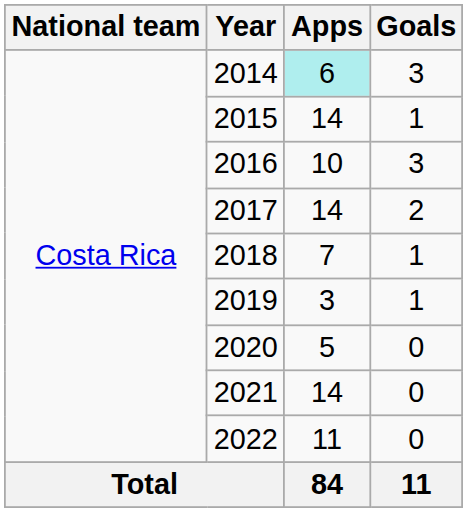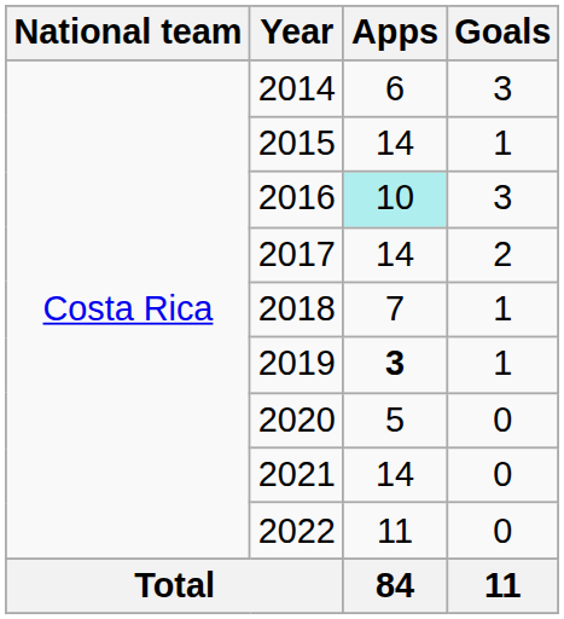 <table class="wikitable" style="text-align:center">
 <tr>
 <th>National team</th>
 <th>Year</th>
 <th>Apps</th>
 <th>Goals</th>
 </tr>
 <tr>
 <td rowspan="9"><a href='#'>Costa Rica</a></td>
 <td>2014</td>
-<td style="background: paleturquoise;">6</td>
+<td>6</td>
 <td>3</td>
 </tr>
 <tr>
 <td>2015</td>
 <td>14</td>
 <td>1</td>
 </tr>
 <tr>
 <td>2016</td>
-<td>10</td>
+<td style="background: paleturquoise;">10</td>
 <td>3</td>
 </tr>
 <tr>
 <td>2017</td>
 <td>14</td>
 <td>2</td>
 </tr>
 <tr>
 <td>2018</td>
 <td>7</td>
 <td>1</td>
 </tr>
 <tr>
 <td>2019</td>
-<td>3</td>
+<td><strong>3</strong></td>
 <td>1</td>
 </tr>
 <tr>
 <td>2020</td>
 <td>5</td>
 <td>0</td>
 </tr>
 <tr>
 <td>2021</td>
 <td>14</td>
 <td>0</td>
 </tr>
 <tr>
 <td>2022</td>
 <td>11</td>
 <td>0</td>
 </tr>
 <tr>
 <th colspan="2">Total</th>
 <th>84</th>
 <th>11</th>
 </tr>
 </table>
